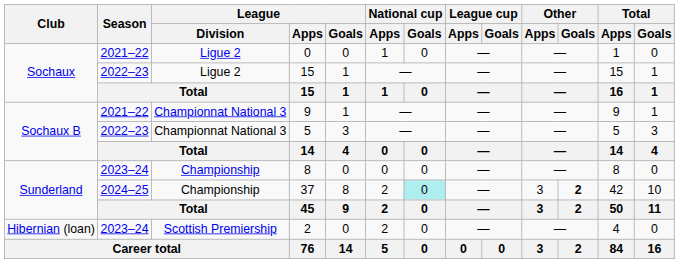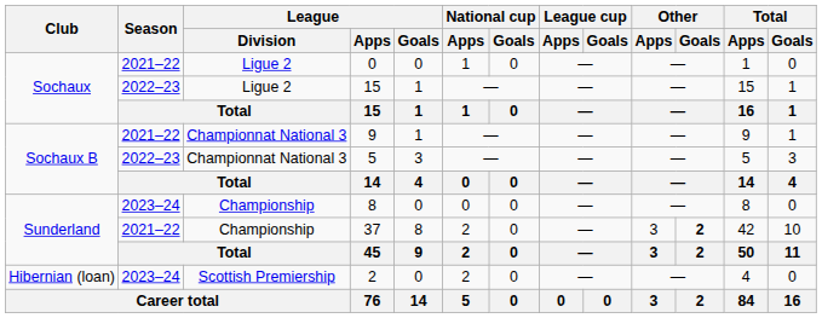 <table class="wikitable" style="text-align: center;">
 <tr>
 <th rowspan="2">Club</th>
 <th rowspan="2">Season</th>
 <th colspan="3">League</th>
 <th colspan="2">National cup</th>
 <th colspan="2">League cup</th>
 <th colspan="2">Other</th>
 <th colspan="2">Total</th>
 </tr>
 <tr>
 <th>Division</th>
 <th>Apps</th>
 <th>Goals</th>
 <th>Apps</th>
 <th>Goals</th>
 <th>Apps</th>
 <th>Goals</th>
 <th>Apps</th>
 <th>Goals</th>
 <th>Apps</th>
 <th>Goals</th>
 </tr>
 <tr>
 <td rowspan="3"><a href='#'>Sochaux</a></td>
 <td><a href='#'>2021–22</a></td>
 <td><a href='#'>Ligue 2</a></td>
 <td>0</td>
 <td>0</td>
 <td>1</td>
 <td>0</td>
 <td colspan="2">—</td>
 <td colspan="2">—</td>
 <td>1</td>
 <td>0</td>
 </tr>
 <tr>
 <td><a href='#'>2022–23</a></td>
 <td>Ligue 2</td>
 <td>15</td>
 <td>1</td>
 <td colspan="2">—</td>
 <td colspan="2">—</td>
 <td colspan="2">—</td>
 <td>15</td>
 <td>1</td>
 </tr>
 <tr>
 <th colspan="2">Total</th>
 <th>15</th>
 <th>1</th>
 <th>1</th>
 <th>0</th>
 <th colspan="2">—</th>
 <th colspan="2">—</th>
 <th>16</th>
 <th>1</th>
 </tr>
 <tr>
 <td rowspan="3"><a href='#'>Sochaux B</a></td>
 <td><a href='#'>2021–22</a></td>
 <td><a href='#'>Championnat National 3</a></td>
 <td>9</td>
 <td>1</td>
 <td colspan="2">—</td>
 <td colspan="2">—</td>
 <td colspan="2">—</td>
 <td>9</td>
 <td>1</td>
 </tr>
 <tr>
 <td><a href='#'>2022–23</a></td>
 <td>Championnat National 3</td>
 <td>5</td>
 <td>3</td>
 <td colspan="2">—</td>
 <td colspan="2">—</td>
 <td colspan="2">—</td>
 <td>5</td>
 <td>3</td>
 </tr>
 <tr>
 <th colspan="2">Total</th>
 <th>14</th>
 <th>4</th>
 <th>0</th>
 <th>0</th>
 <th colspan="2">—</th>
 <th colspan="2">—</th>
 <th>14</th>
 <th>4</th>
 </tr>
 <tr>
 <td rowspan="3"><a href='#'>Sunderland</a></td>
 <td><a href='#'>2023–24</a></td>
 <td><a href='#'>Championship</a></td>
 <td>8</td>
 <td>0</td>
 <td>0</td>
 <td>0</td>
 <td colspan="2">—</td>
 <td colspan="2">—</td>
 <td>8</td>
 <td>0</td>
 </tr>
 <tr>
-<td><a href='#'>2024–25</a></td>
+<td><a href='#'>2021–22</a></td>
 <td>Championship</td>
 <td>37</td>
 <td>8</td>
 <td>2</td>
-<td style="background: paleturquoise;">0</td>
+<td>0</td>
 <td colspan="2">—</td>
 <td>3</td>
 <td><strong>2</strong></td>
 <td>42</td>
 <td>10</td>
 </tr>
 <tr>
 <th colspan="2">Total</th>
 <th>45</th>
 <th>9</th>
 <th>2</th>
 <th>0</th>
 <th colspan="2">—</th>
 <th>3</th>
 <th>2</th>
 <th>50</th>
 <th>11</th>
 </tr>
 <tr>
 <td><a href='#'>Hibernian</a> (loan)</td>
 <td><a href='#'>2023–24</a></td>
 <td><a href='#'>Scottish Premiership</a></td>
 <td>2</td>
 <td>0</td>
 <td>2</td>
 <td>0</td>
 <td colspan="2">—</td>
 <td colspan="2">—</td>
 <td>4</td>
 <td>0</td>
 </tr>
 <tr>
 <th colspan="3">Career total</th>
 <th>76</th>
 <th>14</th>
 <th>5</th>
 <th>0</th>
 <th>0</th>
 <th>0</th>
 <th>3</th>
 <th>2</th>
 <th>84</th>
 <th>16</th>
 </tr>
 </table>
